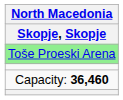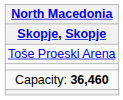 <table class=wikitable style="text-align:center;margin:1em auto;">
 <tr>
 <th><a href='#'>North Macedonia</a></th>
 </tr>
 <tr>
 <th><a href='#'>Skopje</a>, <a href='#'>Skopje</a></th>
 </tr>
 <tr>
-<td style="background: lightgreen;"><a href='#'>Toše Proeski Arena</a></td>
+<td><a href='#'>Toše Proeski Arena</a></td>
 </tr>
 <tr>
 <td></td>
 </tr>
 <tr>
 <td>Capacity: <strong>36,460</strong></td>
 </tr>
 <tr>
 <th rowspan=1 colspan=2></th>
 </tr>
 </table>
